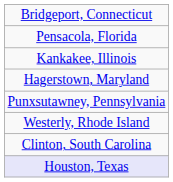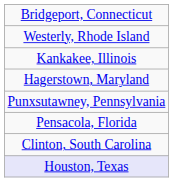 <table class="wikitable" style="text-align: center;">
 <tr>
 <td> <a href='#'>Bridgeport, Connecticut</a></td>
 </tr>
 <tr>
-<td> <a href='#'>Pensacola, Florida</a></td>
+<td> <a href='#'>Westerly, Rhode Island</a></td>
 </tr>
 <tr>
 <td> <a href='#'>Kankakee, Illinois</a></td>
 </tr>
 <tr>
 <td> <a href='#'>Hagerstown, Maryland</a></td>
 </tr>
 <tr>
 <td> <a href='#'>Punxsutawney, Pennsylvania</a></td>
 </tr>
 <tr>
-<td> <a href='#'>Westerly, Rhode Island</a></td>
+<td> <a href='#'>Pensacola, Florida</a></td>
 </tr>
 <tr>
 <td> <a href='#'>Clinton, South Carolina</a></td>
 </tr>
 <tr>
 <td style="background: lavender;"> <a href='#'>Houston, Texas</a></td>
 </tr>
 </table>
